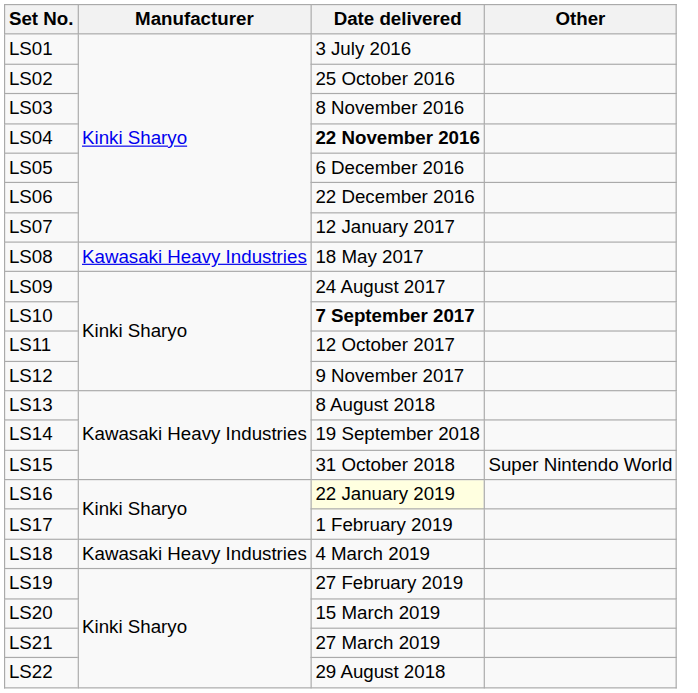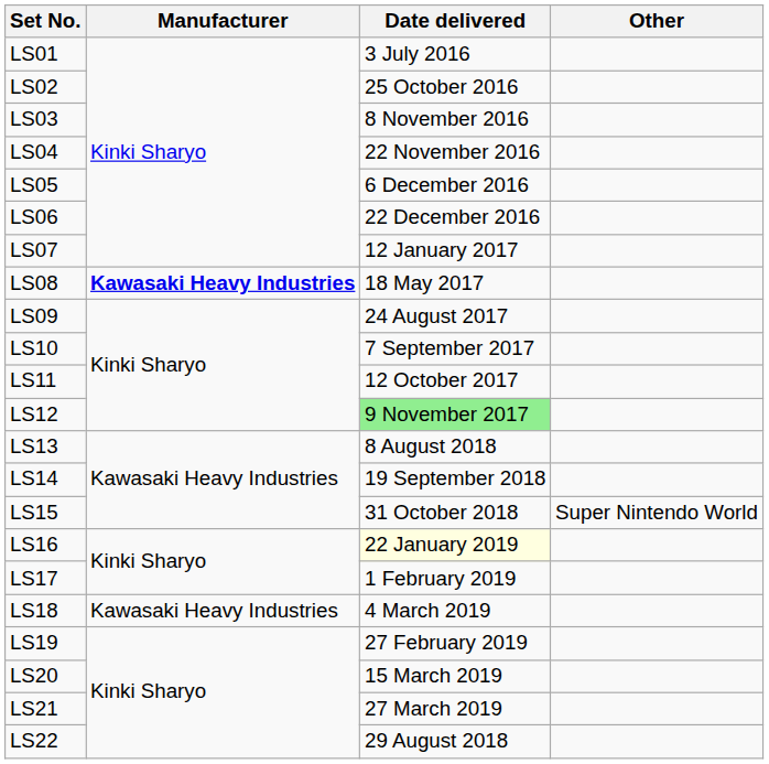 <table class="wikitable">
 <tr>
 <th>Set No.</th>
 <th>Manufacturer</th>
 <th>Date delivered</th>
 <th>Other</th>
 </tr>
 <tr>
 <td>LS01</td>
 <td rowspan="7"><a href='#'>Kinki Sharyo</a></td>
 <td>3 July 2016</td>
 <td></td>
 </tr>
 <tr>
 <td>LS02</td>
 <td>25 October 2016</td>
 <td></td>
 </tr>
 <tr>
 <td>LS03</td>
 <td>8 November 2016</td>
 <td></td>
 </tr>
 <tr>
 <td>LS04</td>
-<td><strong>22 November 2016</strong></td>
+<td>22 November 2016</td>
 <td></td>
 </tr>
 <tr>
 <td>LS05</td>
 <td>6 December 2016</td>
 <td></td>
 </tr>
 <tr>
 <td>LS06</td>
 <td>22 December 2016</td>
 <td></td>
 </tr>
 <tr>
 <td>LS07</td>
 <td>12 January 2017</td>
 <td></td>
 </tr>
 <tr>
 <td>LS08</td>
-<td><a href='#'>Kawasaki Heavy Industries</a></td>
+<td><strong><a href='#'>Kawasaki Heavy Industries</a></strong></td>
 <td>18 May 2017</td>
 <td></td>
 </tr>
 <tr>
 <td>LS09</td>
 <td rowspan="4">Kinki Sharyo</td>
 <td>24 August 2017</td>
 <td></td>
 </tr>
 <tr>
 <td>LS10</td>
-<td><strong>7 September 2017</strong></td>
+<td>7 September 2017</td>
 <td></td>
 </tr>
 <tr>
 <td>LS11</td>
 <td>12 October 2017</td>
 <td></td>
 </tr>
 <tr>
 <td>LS12</td>
-<td>9 November 2017</td>
+<td style="background: lightgreen;">9 November 2017</td>
 <td></td>
 </tr>
 <tr>
 <td>LS13</td>
 <td rowspan="3">Kawasaki Heavy Industries</td>
 <td>8 August 2018</td>
 <td></td>
 </tr>
 <tr>
 <td>LS14</td>
 <td>19 September 2018</td>
 <td></td>
 </tr>
 <tr>
 <td>LS15</td>
 <td>31 October 2018</td>
 <td>Super Nintendo World</td>
 </tr>
 <tr>
 <td>LS16</td>
 <td rowspan="2">Kinki Sharyo</td>
 <td style="background: lightyellow;">22 January 2019</td>
 <td></td>
 </tr>
 <tr>
 <td>LS17</td>
 <td>1 February 2019</td>
 <td></td>
 </tr>
 <tr>
 <td>LS18</td>
 <td>Kawasaki Heavy Industries</td>
 <td>4 March 2019</td>
 <td></td>
 </tr>
 <tr>
 <td>LS19</td>
 <td rowspan="4">Kinki Sharyo</td>
 <td>27 February 2019</td>
 <td></td>
 </tr>
 <tr>
 <td>LS20</td>
 <td>15 March 2019</td>
 <td></td>
 </tr>
 <tr>
 <td>LS21</td>
 <td>27 March 2019</td>
 <td></td>
 </tr>
 <tr>
 <td>LS22</td>
 <td>29 August 2018</td>
 <td></td>
 </tr>
 </table>
